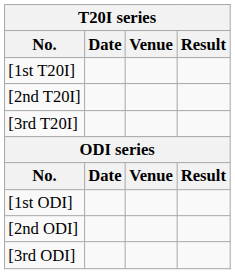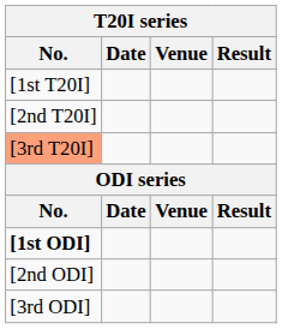 <table class="wikitable">
 <tr>
 <th colspan="4">T20I series</th>
 </tr>
 <tr>
 <th>No.</th>
 <th>Date</th>
 <th>Venue</th>
 <th>Result</th>
 </tr>
 <tr>
 <td>[1st T20I]</td>
 <td></td>
 <td></td>
 <td></td>
 </tr>
 <tr>
 <td>[2nd T20I]</td>
 <td></td>
 <td></td>
 <td></td>
 </tr>
 <tr>
-<td>[3rd T20I]</td>
+<td style="background: lightsalmon;">[3rd T20I]</td>
 <td></td>
 <td></td>
 <td></td>
 </tr>
 <tr>
 <th colspan="4">ODI series</th>
 </tr>
 <tr>
 <th>No.</th>
 <th>Date</th>
 <th>Venue</th>
 <th>Result</th>
 </tr>
 <tr>
-<td>[1st ODI]</td>
+<td><strong>[1st ODI]</strong></td>
 <td></td>
 <td></td>
 <td></td>
 </tr>
 <tr>
 <td>[2nd ODI]</td>
 <td></td>
 <td></td>
 <td></td>
 </tr>
 <tr>
 <td>[3rd ODI]</td>
 <td></td>
 <td></td>
 <td></td>
 </tr>
 </table>
